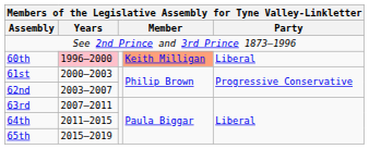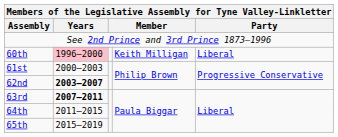 <table class="wikitable" align=centre>
 <tr>
 <th colspan=5>Members of the Legislative Assembly for Tyne Valley-Linkletter</th>
 </tr>
 <tr>
 <th>Assembly</th>
 <th>Years</th>
 <th colspan="2">Member</th>
 <th>Party</th>
 </tr>
 <tr>
 <td align="center" colspan=5><em>See <a href='#'>2nd Prince</a> and <a href='#'>3rd Prince</a> 1873–1996</em></td>
 </tr>
 <tr>
 <td><a href='#'>60th</a></td>
 <td style="background: pink;">1996–2000</td>
 <td rowspan=1 ></td>
-<td rowspan=1 style="background: lightsalmon;"><a href='#'>Keith Milligan</a></td>
+<td rowspan=1><a href='#'>Keith Milligan</a></td>
 <td rowspan=1><a href='#'>Liberal</a></td>
 </tr>
 <tr>
 <td><a href='#'>61st</a></td>
 <td>2000–2003</td>
 <td rowspan=2 ></td>
 <td rowspan=2><a href='#'>Philip Brown</a></td>
 <td rowspan=2><a href='#'>Progressive Conservative</a></td>
 </tr>
 <tr>
 <td><a href='#'>62nd</a></td>
-<td>2003–2007</td>
+<td><strong>2003–2007</strong></td>
 </tr>
 <tr>
 <td><a href='#'>63rd</a></td>
-<td>2007–2011</td>
+<td><strong>2007–2011</strong></td>
 <td rowspan=3 ></td>
 <td rowspan=3><a href='#'>Paula Biggar</a></td>
 <td rowspan=3><a href='#'>Liberal</a></td>
 </tr>
 <tr>
 <td><a href='#'>64th</a></td>
 <td>2011–2015</td>
 </tr>
 <tr>
 <td><a href='#'>65th</a></td>
 <td>2015–2019</td>
 </tr>
 </table>
